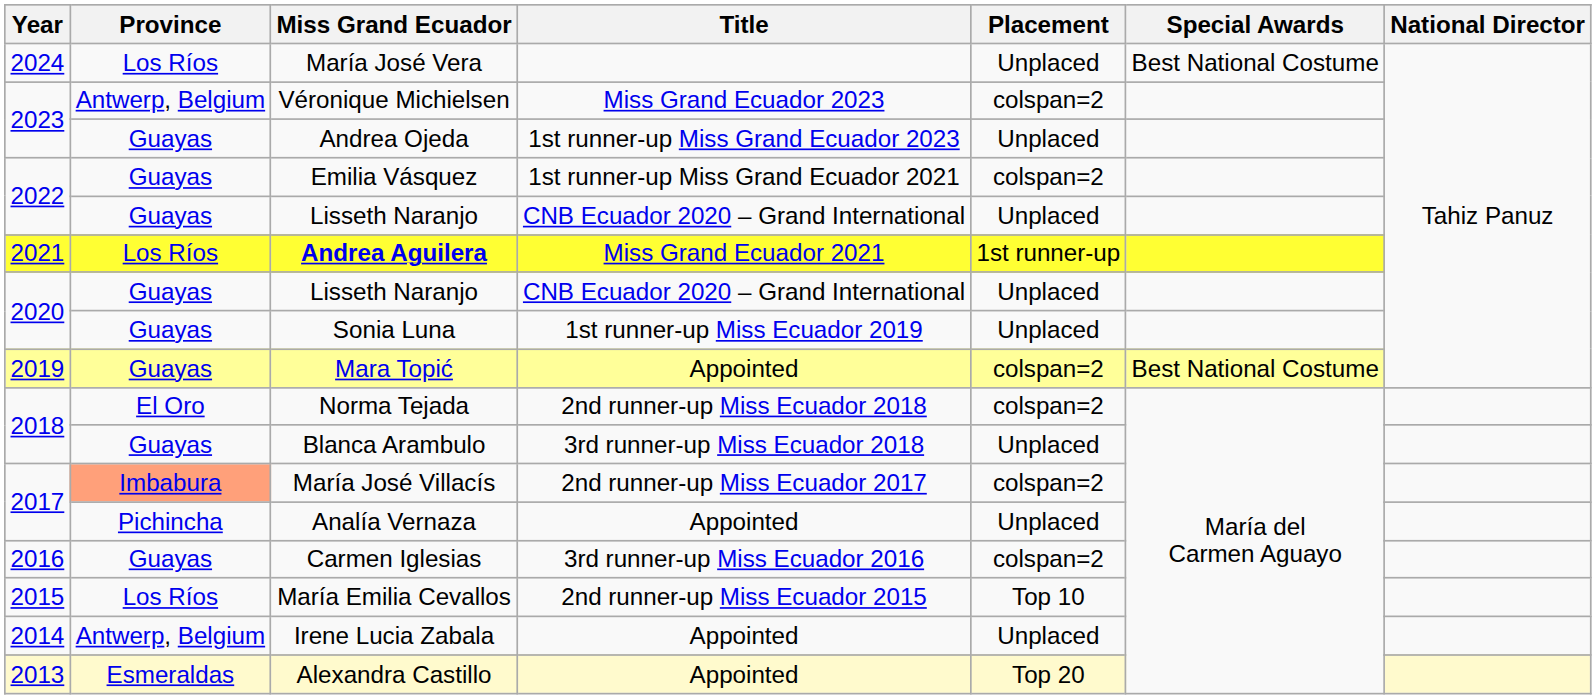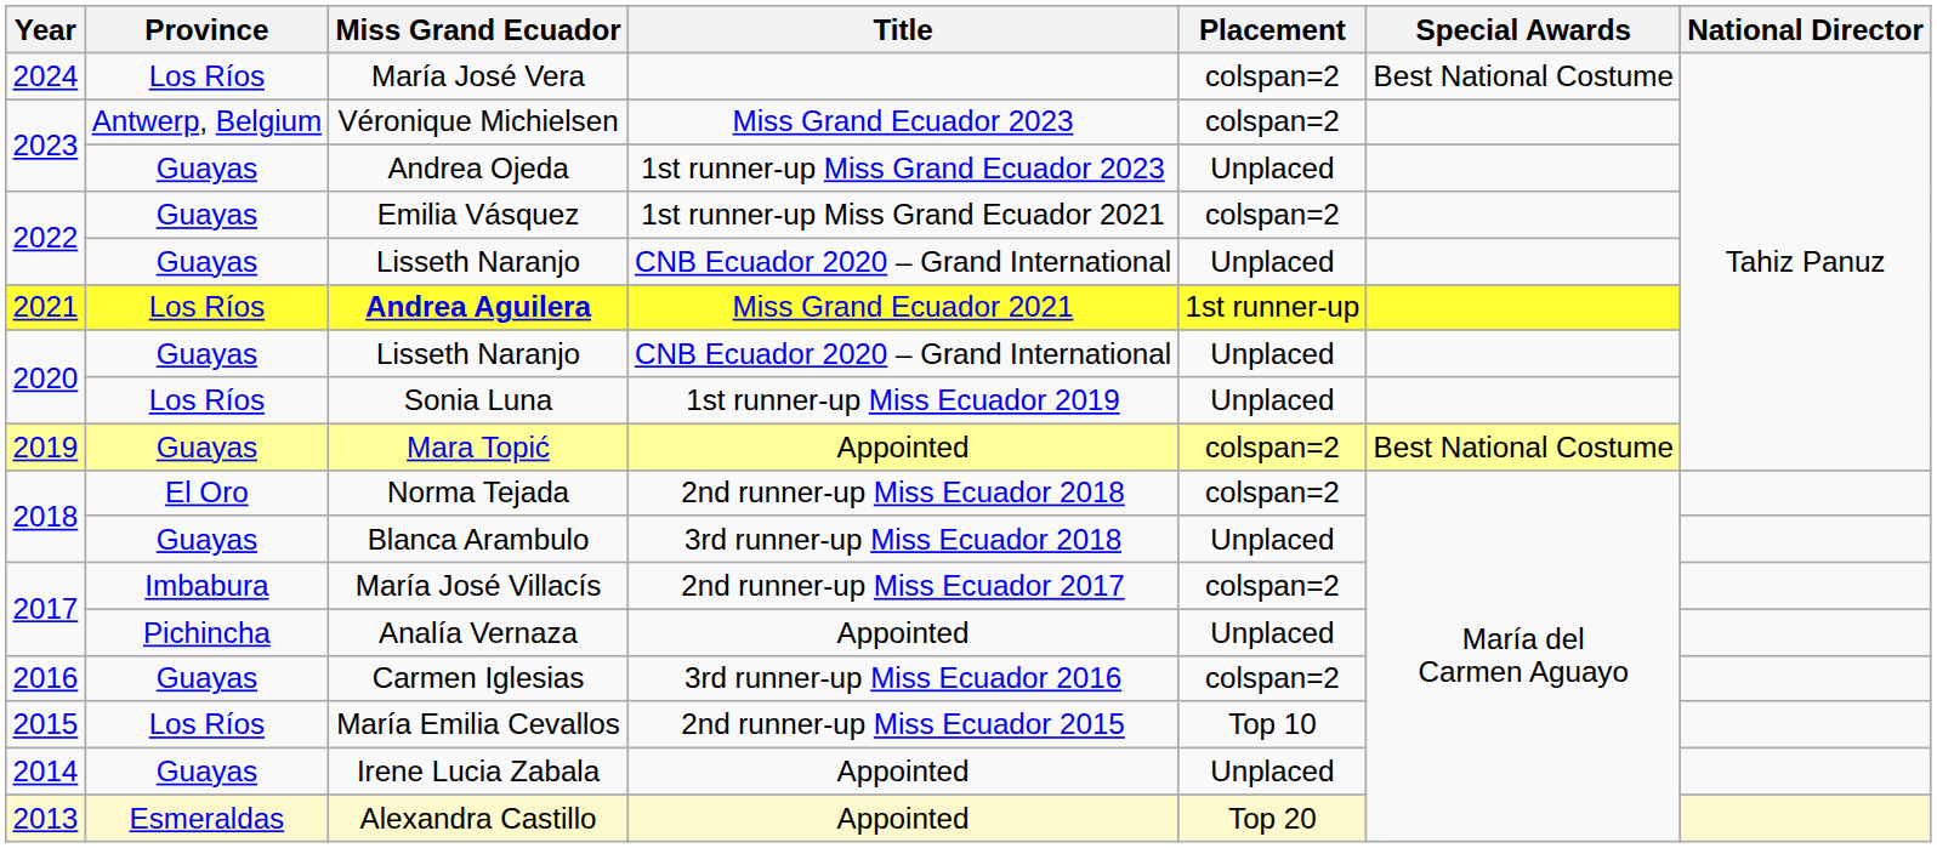 <table class="wikitable" style="font-size: 90%; text-align:center">
 <tr>
 <th>Year</th>
 <th>Province</th>
 <th>Miss Grand Ecuador</th>
 <th>Title</th>
 <th>Placement</th>
 <th>Special Awards</th>
 <th>National Director</th>
 </tr>
 <tr>
 <td><a href='#'>2024</a></td>
 <td><a href='#'>Los Ríos</a></td>
 <td>María José Vera</td>
 <td></td>
-<td>Unplaced</td>
+<td>colspan=2 </td>
 <td>Best National Costume</td>
 <td rowspan=9>Tahiz Panuz</td>
 </tr>
 <tr>
 <td rowspan=2><a href='#'>2023</a></td>
 <td><a href='#'>Antwerp</a>, <a href='#'>Belgium</a></td>
 <td>Véronique Michielsen</td>
 <td><a href='#'>Miss Grand Ecuador 2023</a></td>
 <td>colspan=2 </td>
 </tr>
 <tr>
 <td><a href='#'>Guayas</a></td>
 <td>Andrea Ojeda</td>
 <td>1st runner-up <a href='#'>Miss Grand Ecuador 2023</a></td>
 <td>Unplaced</td>
 <td></td>
 </tr>
 <tr>
 <td rowspan=2><a href='#'>2022</a></td>
 <td><a href='#'>Guayas</a></td>
 <td>Emilia Vásquez</td>
 <td>1st runner-up Miss Grand Ecuador 2021</td>
 <td>colspan=2 </td>
 </tr>
 <tr>
 <td><a href='#'>Guayas</a></td>
 <td>Lisseth Naranjo</td>
 <td><a href='#'>CNB Ecuador 2020</a> – Grand International</td>
 <td>Unplaced</td>
 <td></td>
 </tr>
 <tr bgcolor=#FFFF33>
 <td><a href='#'>2021</a></td>
 <td><a href='#'>Los Ríos</a></td>
 <td><a href='#'><strong>Andrea Aguilera</strong></a></td>
 <td><a href='#'>Miss Grand Ecuador 2021</a></td>
 <td>1st runner-up</td>
 <td></td>
 </tr>
 <tr>
 <td rowspan=2><a href='#'>2020</a></td>
 <td><a href='#'>Guayas</a></td>
 <td>Lisseth Naranjo</td>
 <td><a href='#'>CNB Ecuador 2020</a> – Grand International</td>
 <td>Unplaced</td>
 </tr>
 <tr>
-<td><a href='#'>Guayas</a></td>
+<td><a href='#'>Los Ríos</a></td>
 <td>Sonia Luna</td>
 <td>1st runner-up <a href='#'>Miss Ecuador 2019</a></td>
 <td>Unplaced</td>
 <td></td>
 </tr>
 <tr bgcolor=#FFFF99>
 <td><a href='#'>2019</a></td>
 <td><a href='#'>Guayas</a></td>
 <td><a href='#'>Mara Topić</a></td>
 <td>Appointed</td>
 <td>colspan=2 </td>
 <td>Best National Costume</td>
 </tr>
 <tr>
 <td rowspan=2><a href='#'>2018</a></td>
 <td><a href='#'>El Oro</a></td>
 <td>Norma Tejada</td>
 <td>2nd runner-up <a href='#'>Miss Ecuador 2018</a></td>
 <td>colspan=2 </td>
 <td rowspan=8>María del<br>Carmen Aguayo</td>
 </tr>
 <tr>
 <td><a href='#'>Guayas</a></td>
 <td>Blanca Arambulo</td>
 <td>3rd runner-up <a href='#'>Miss Ecuador 2018</a></td>
 <td>Unplaced</td>
 <td></td>
 </tr>
 <tr>
 <td rowspan=2><a href='#'>2017</a></td>
-<td style="background: lightsalmon;"><a href='#'>Imbabura</a></td>
+<td><a href='#'>Imbabura</a></td>
 <td>María José Villacís</td>
 <td>2nd runner-up <a href='#'>Miss Ecuador 2017</a></td>
 <td>colspan=2 </td>
 </tr>
 <tr>
 <td><a href='#'>Pichincha</a></td>
 <td>Analía Vernaza</td>
 <td>Appointed</td>
 <td>Unplaced</td>
 <td></td>
 </tr>
 <tr>
 <td><a href='#'>2016</a></td>
 <td><a href='#'>Guayas</a></td>
 <td>Carmen Iglesias</td>
 <td>3rd runner-up <a href='#'>Miss Ecuador 2016</a></td>
 <td>colspan=2 </td>
 <td></td>
 </tr>
 <tr>
 <td><a href='#'>2015</a></td>
 <td><a href='#'>Los Ríos</a></td>
 <td>María Emilia Cevallos</td>
 <td>2nd runner-up <a href='#'>Miss Ecuador 2015</a></td>
 <td>Top 10</td>
 </tr>
 <tr>
 <td><a href='#'>2014</a></td>
-<td><a href='#'>Antwerp</a>, <a href='#'>Belgium</a></td>
+<td><a href='#'>Guayas</a></td>
 <td>Irene Lucia Zabala</td>
 <td>Appointed</td>
 <td>Unplaced</td>
 <td></td>
 </tr>
 <tr bgcolor=#FFFACD>
 <td><a href='#'>2013</a></td>
 <td><a href='#'>Esmeraldas</a></td>
 <td>Alexandra Castillo</td>
 <td>Appointed</td>
 <td>Top 20</td>
 <td></td>
 </tr>
 </table>
